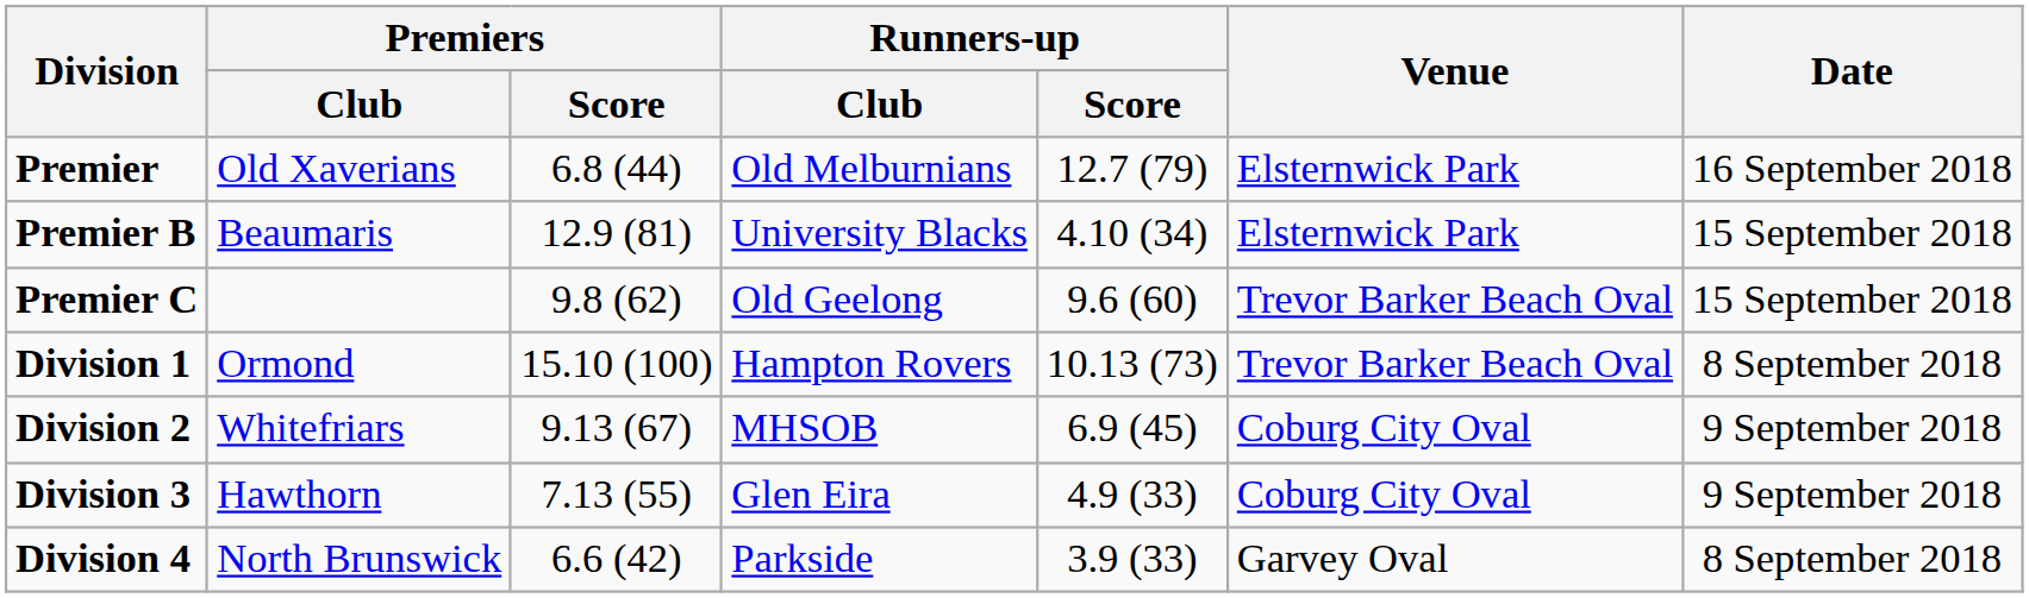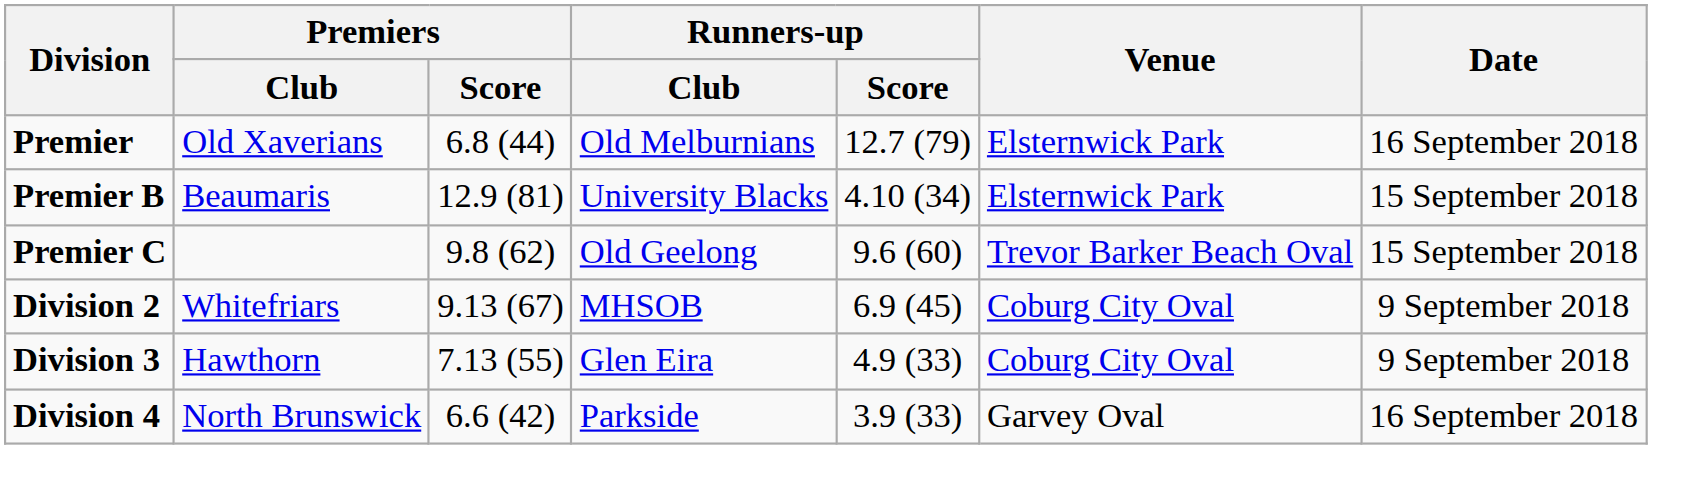 <table class="wikitable" style=text-align:center>
 <tr>
 <th rowspan=2>Division</th>
 <th colspan=2>Premiers</th>
 <th colspan=2>Runners-up</th>
 <th rowspan=2>Venue</th>
 <th rowspan=2 class=unsortable>Date</th>
 </tr>
 <tr>
 <th>Club</th>
 <th>Score</th>
 <th>Club</th>
 <th>Score</th>
 </tr>
 <tr>
 <td align="left"><strong>Premier</strong></td>
 <td align=left><a href='#'>Old Xaverians</a></td>
 <td>6.8 (44)</td>
 <td align=left><a href='#'>Old Melburnians</a></td>
 <td>12.7 (79)</td>
 <td align=left><a href='#'>Elsternwick Park</a></td>
 <td>16 September 2018</td>
 </tr>
 <tr>
 <td align="left"><strong>Premier B</strong></td>
 <td align=left><a href='#'>Beaumaris</a></td>
 <td>12.9 (81)</td>
 <td align=left><a href='#'>University Blacks</a></td>
 <td>4.10 (34)</td>
 <td align=left><a href='#'>Elsternwick Park</a></td>
 <td>15 September 2018</td>
 </tr>
 <tr>
 <td align="left"><strong>Premier C</strong></td>
 <td align=left></td>
 <td>9.8 (62)</td>
 <td align=left><a href='#'>Old Geelong</a></td>
 <td>9.6 (60)</td>
 <td align=left><a href='#'>Trevor Barker Beach Oval</a></td>
 <td>15 September 2018</td>
 </tr>
 <tr>
-<td align="left"><strong>Division 1</strong></td>
-<td align=left><a href='#'>Ormond</a></td>
-<td>15.10 (100)</td>
-<td align=left><a href='#'>Hampton Rovers</a></td>
-<td>10.13 (73)</td>
-<td align=left><a href='#'>Trevor Barker Beach Oval</a></td>
-<td>8 September 2018</td>
-</tr>
-<tr>
 <td align="left"><strong>Division 2</strong></td>
 <td align=left><a href='#'>Whitefriars</a></td>
 <td>9.13 (67)</td>
 <td align=left><a href='#'>MHSOB</a></td>
 <td>6.9 (45)</td>
 <td align=left><a href='#'>Coburg City Oval</a></td>
 <td>9 September 2018</td>
 </tr>
 <tr>
 <td align="left"><strong>Division 3</strong></td>
 <td align=left><a href='#'>Hawthorn</a></td>
 <td>7.13 (55)</td>
 <td align=left><a href='#'>Glen Eira</a></td>
 <td>4.9 (33)</td>
 <td align=left><a href='#'>Coburg City Oval</a></td>
 <td>9 September 2018</td>
 </tr>
 <tr>
 <td align="left"><strong>Division 4</strong></td>
 <td align=left><a href='#'>North Brunswick</a></td>
 <td>6.6 (42)</td>
 <td align=left><a href='#'>Parkside</a></td>
 <td>3.9 (33)</td>
 <td align=left>Garvey Oval</td>
-<td>8 September 2018</td>
+<td>16 September 2018</td>
 </tr>
 </table>
